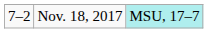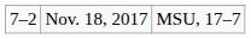 <table class="wikitable">
 <tr align="center">
 </tr>
 <tr align="center">
 <td>7–2</td>
 <td>Nov. 18, 2017</td>
-<td style="background: paleturquoise;">MSU, 17–7</td>
+<td>MSU, 17–7</td>
 </tr>
 </table>
